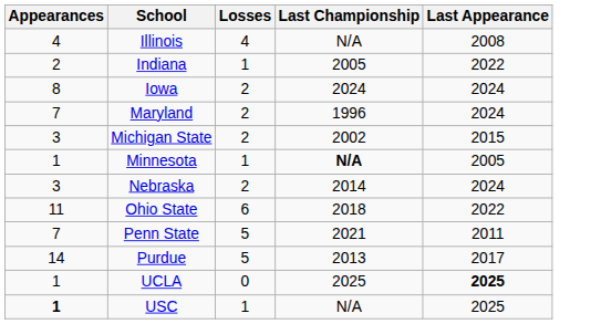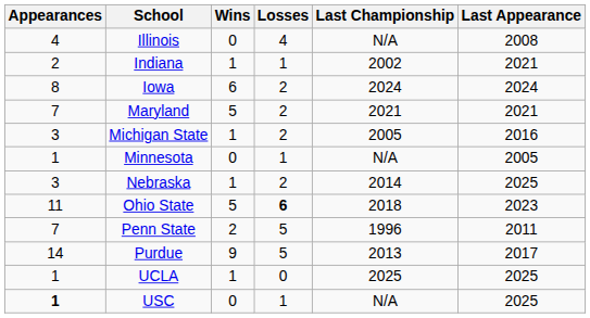 <table class="wikitable sortable" style="text-align:center">
 <tr>
 <th width=px>Appearances</th>
 <th width=px>School</th>
+<th width=px>Wins</th>
 <th width=px>Losses</th>
 <th width=px>Last Championship</th>
 <th width=px>Last Appearance</th>
 </tr>
 <tr>
 <td>4</td>
 <td><a href='#'>Illinois</a></td>
+<td>0</td>
 <td>4</td>
 <td>N/A</td>
 <td>2008</td>
 </tr>
 <tr>
 <td>2</td>
 <td><a href='#'>Indiana</a></td>
 <td>1</td>
-<td>2005</td>
-<td>2022</td>
+<td>1</td>
+<td>2002</td>
+<td>2021</td>
 </tr>
 <tr>
 <td>8</td>
 <td><a href='#'>Iowa</a></td>
+<td>6</td>
 <td>2</td>
 <td>2024</td>
 <td>2024</td>
 </tr>
 <tr>
 <td>7</td>
 <td><a href='#'>Maryland</a></td>
+<td>5</td>
 <td>2</td>
-<td>1996</td>
-<td>2024</td>
+<td>2021</td>
+<td>2021</td>
 </tr>
 <tr>
 <td>3</td>
 <td><a href='#'>Michigan State</a></td>
+<td>1</td>
 <td>2</td>
-<td>2002</td>
-<td>2015</td>
+<td>2005</td>
+<td>2016</td>
 </tr>
 <tr>
 <td>1</td>
 <td><a href='#'>Minnesota</a></td>
+<td>0</td>
 <td>1</td>
-<td><strong>N/A</strong></td>
+<td>N/A</td>
 <td>2005</td>
 </tr>
 <tr>
 <td>3</td>
 <td><a href='#'>Nebraska</a></td>
+<td>1</td>
 <td>2</td>
 <td>2014</td>
-<td>2024</td>
+<td>2025</td>
 </tr>
 <tr>
 <td>11</td>
 <td><a href='#'>Ohio State</a></td>
-<td>6</td>
+<td>5</td>
+<td><strong>6</strong></td>
 <td>2018</td>
-<td>2022</td>
+<td>2023</td>
 </tr>
 <tr>
 <td>7</td>
 <td><a href='#'>Penn State</a></td>
+<td>2</td>
 <td>5</td>
-<td>2021</td>
+<td>1996</td>
 <td>2011</td>
 </tr>
 <tr>
 <td>14</td>
 <td><a href='#'>Purdue</a></td>
+<td>9</td>
 <td>5</td>
 <td>2013</td>
 <td>2017</td>
 </tr>
 <tr>
 <td>1</td>
 <td><a href='#'>UCLA</a></td>
+<td>1</td>
 <td>0</td>
 <td>2025</td>
-<td><strong>2025</strong></td>
+<td>2025</td>
 </tr>
 <tr>
 <td><strong>1</strong></td>
 <td><a href='#'>USC</a></td>
+<td>0</td>
 <td>1</td>
 <td>N/A</td>
 <td>2025</td>
 </tr>
 </table>
